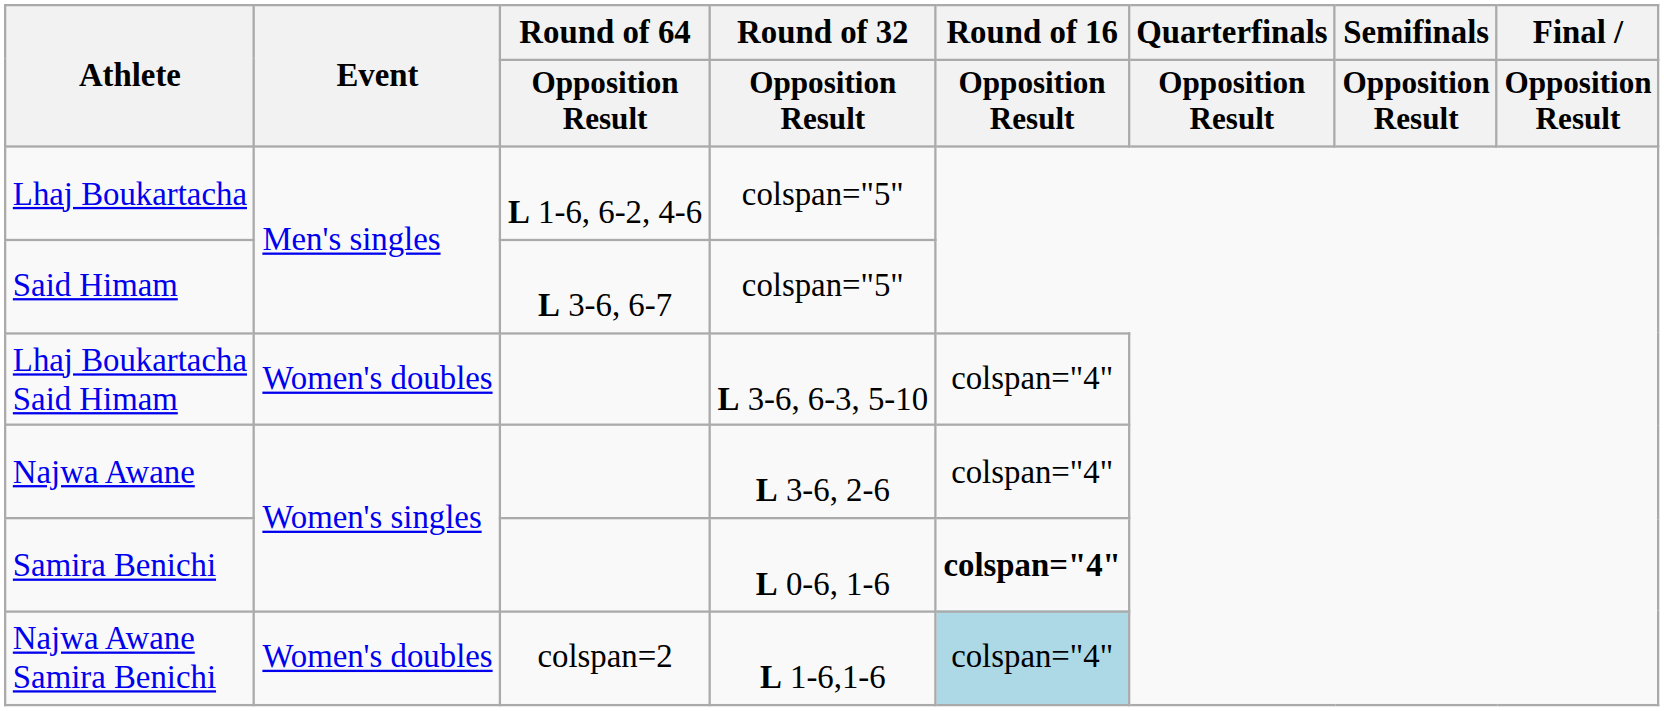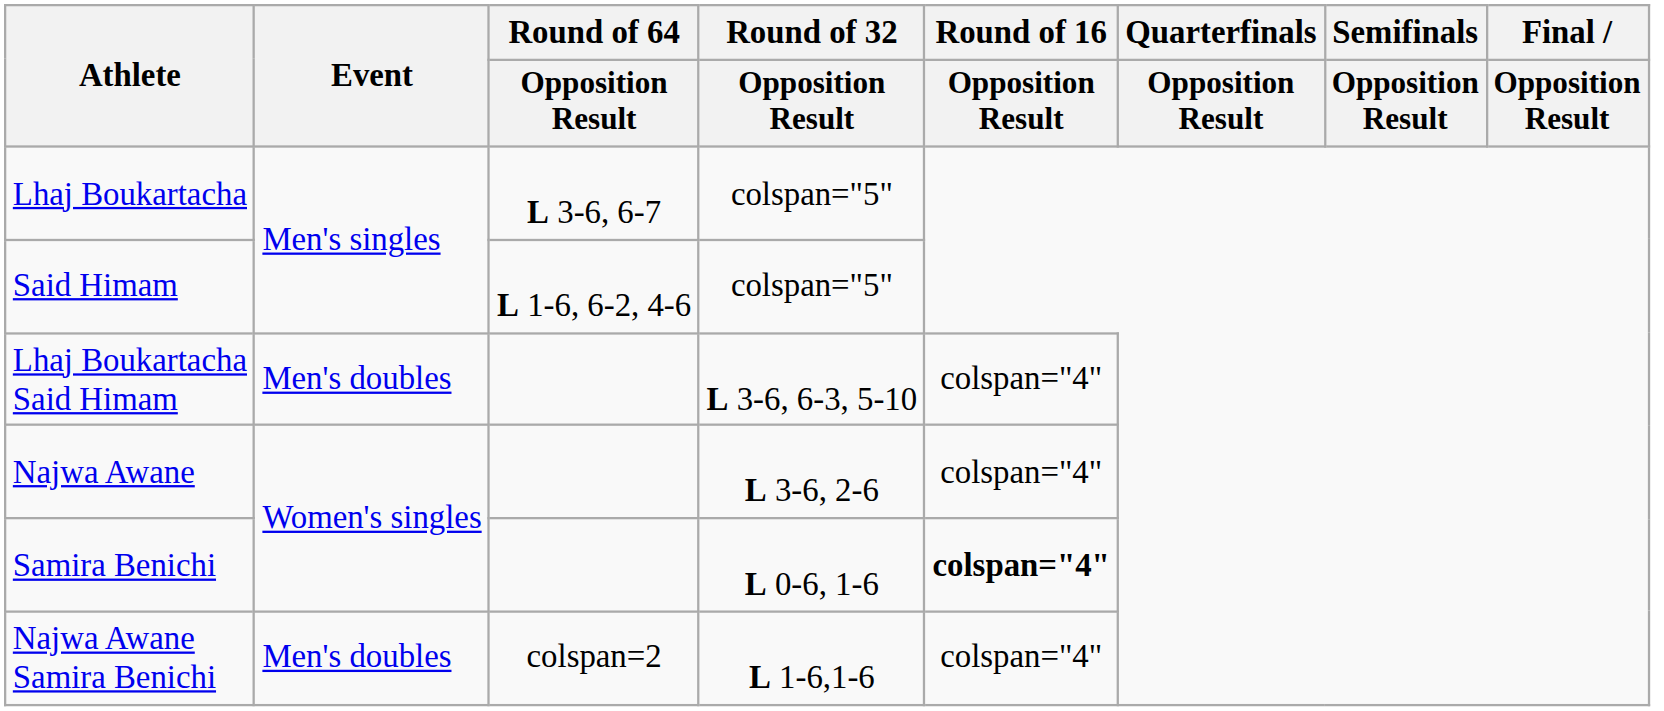 <table class="wikitable" style="font-size:90%;">
 <tr>
 <th rowspan=2>Athlete</th>
 <th rowspan=2>Event</th>
 <th>Round of 64</th>
 <th>Round of 32</th>
 <th>Round of 16</th>
 <th>Quarterfinals</th>
 <th>Semifinals</th>
 <th>Final / </th>
 </tr>
 <tr style="font-size:95%">
 <th>Opposition<br>Result</th>
 <th>Opposition<br>Result</th>
 <th>Opposition<br>Result</th>
 <th>Opposition<br>Result</th>
 <th>Opposition<br>Result</th>
 <th>Opposition<br>Result</th>
 </tr>
 <tr align=center>
 <td align=left><a href='#'>Lhaj Boukartacha</a></td>
 <td align=left rowspan=2><a href='#'>Men's singles</a></td>
+<td><br><strong>L</strong> 3-6, 6-7</td>
+<td>colspan="5" </td>
+</tr>
+<tr align=center>
+<td align=left><a href='#'>Said Himam</a></td>
 <td><br><strong>L</strong> 1-6, 6-2, 4-6</td>
 <td>colspan="5" </td>
 </tr>
 <tr align=center>
-<td align=left><a href='#'>Said Himam</a></td>
-<td><br><strong>L</strong> 3-6, 6-7</td>
-<td>colspan="5" </td>
-</tr>
-<tr align=center>
 <td align=left><a href='#'>Lhaj Boukartacha</a><br><a href='#'>Said Himam</a></td>
-<td align=left><a href='#'>Women's doubles</a></td>
+<td align=left><a href='#'>Men's doubles</a></td>
 <td></td>
 <td><br><strong>L</strong> 3-6, 6-3, 5-10</td>
 <td>colspan="4" </td>
 </tr>
 <tr align=center>
 <td align=left><a href='#'>Najwa Awane</a></td>
 <td align=left rowspan=2><a href='#'>Women's singles</a></td>
 <td></td>
 <td><br><strong>L</strong> 3-6, 2-6</td>
 <td>colspan="4" </td>
 </tr>
 <tr align=center>
 <td align=left><a href='#'>Samira Benichi</a></td>
 <td></td>
 <td><br><strong>L</strong> 0-6, 1-6</td>
 <td><strong>colspan="4" </strong></td>
 </tr>
 <tr align=center>
 <td align=left><a href='#'>Najwa Awane</a><br><a href='#'>Samira Benichi</a></td>
-<td align=left><a href='#'>Women's doubles</a></td>
+<td align=left><a href='#'>Men's doubles</a></td>
 <td>colspan=2</td>
 <td><br><strong>L</strong> 1-6,1-6</td>
-<td style="background: lightblue;">colspan="4" </td>
+<td>colspan="4" </td>
 </tr>
 </table>
